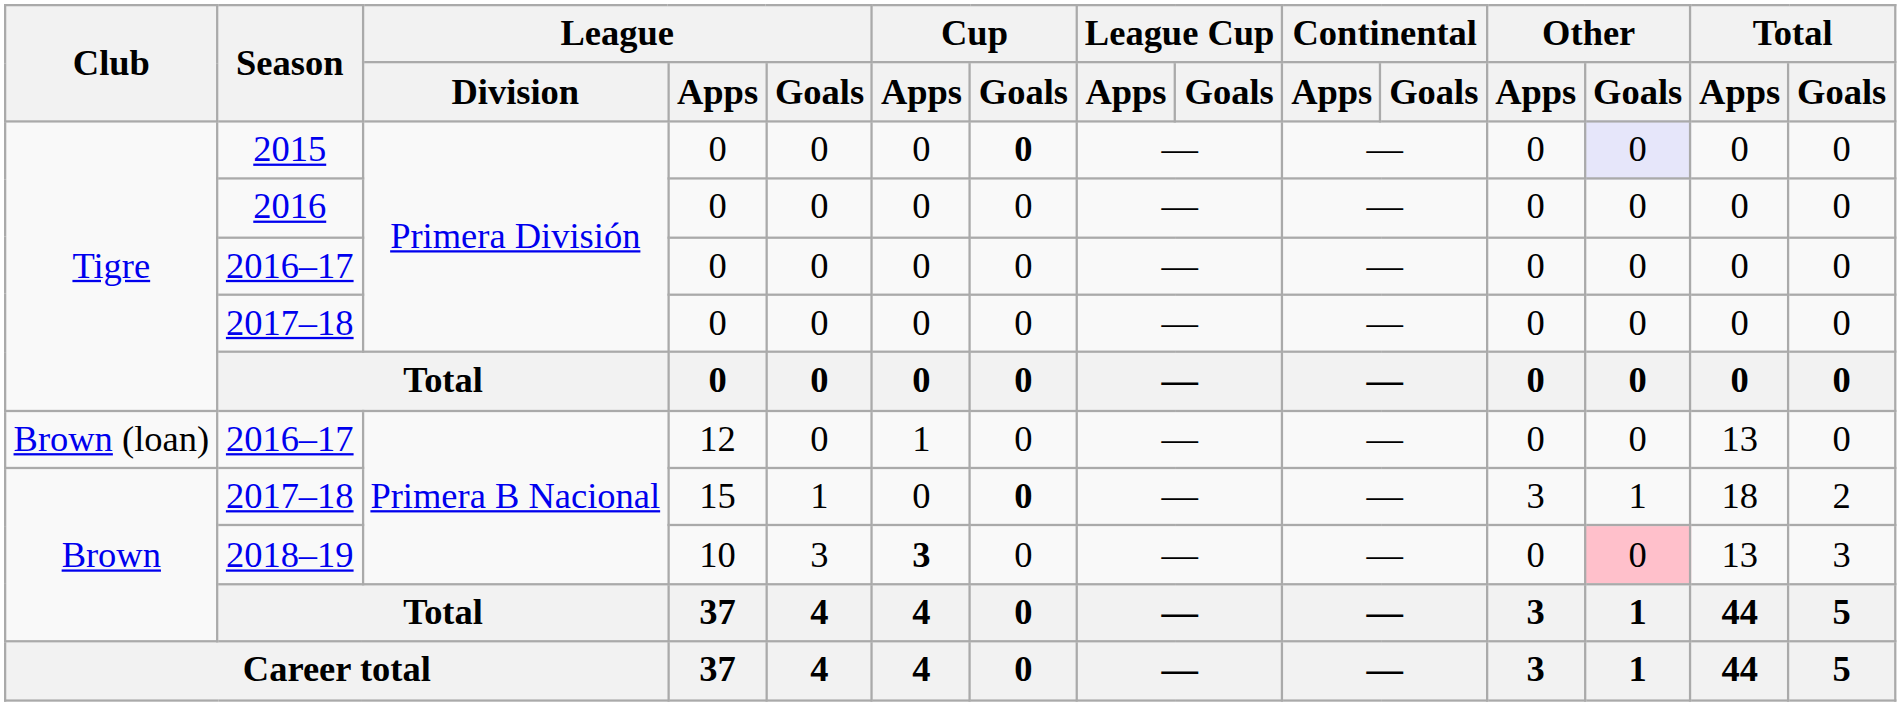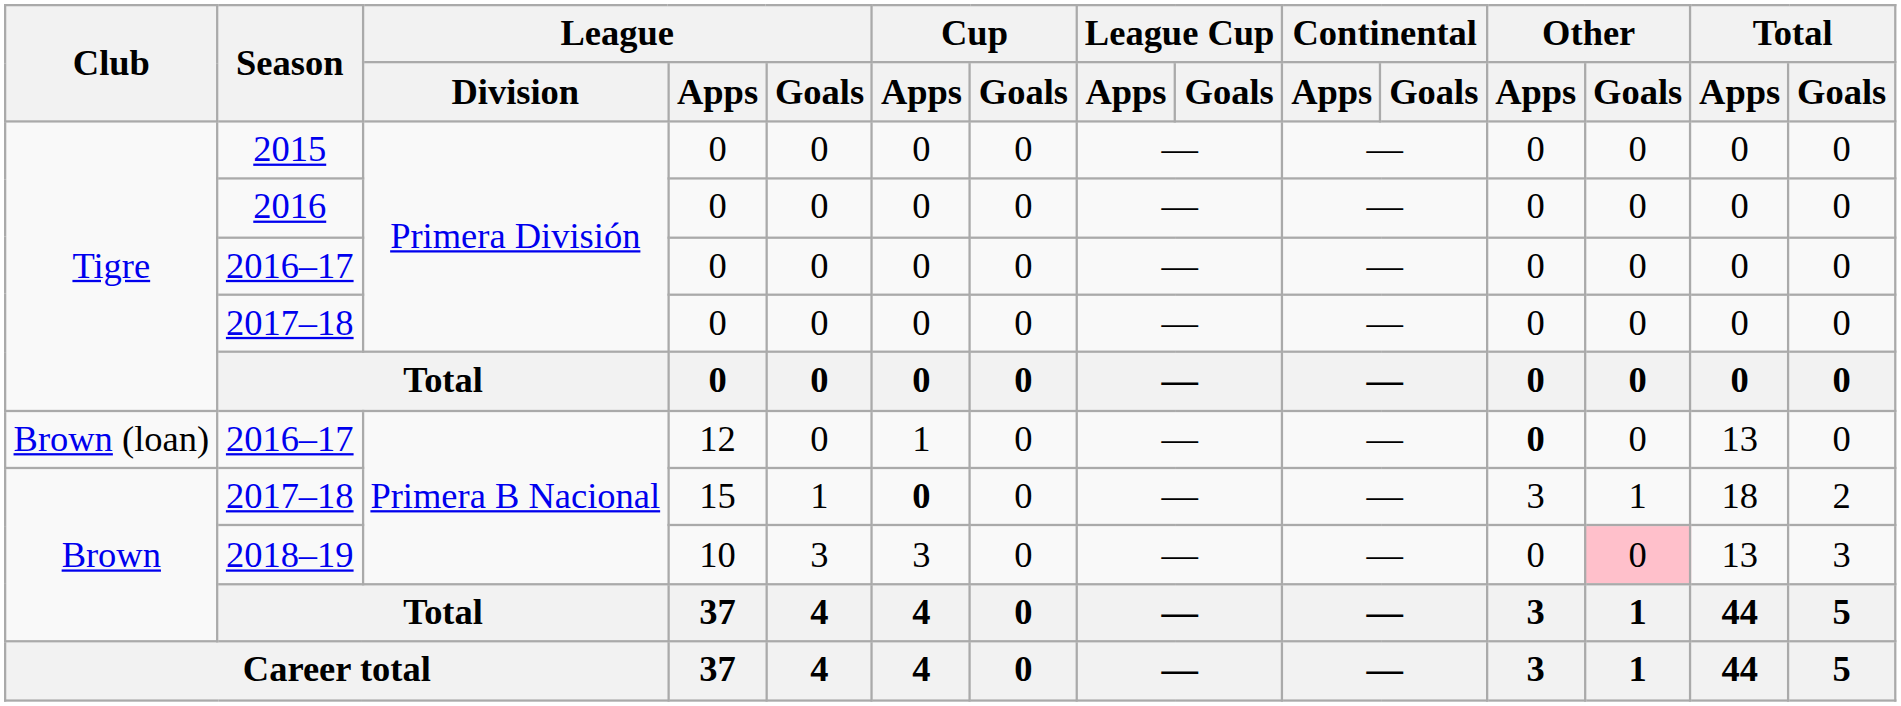 <table class="wikitable" style="text-align:center">
 <tr>
 <th rowspan="2">Club</th>
 <th rowspan="2">Season</th>
 <th colspan="3">League</th>
 <th colspan="2">Cup</th>
 <th colspan="2">League Cup</th>
 <th colspan="2">Continental</th>
 <th colspan="2">Other</th>
 <th colspan="2">Total</th>
 </tr>
 <tr>
 <th>Division</th>
 <th>Apps</th>
 <th>Goals</th>
 <th>Apps</th>
 <th>Goals</th>
 <th>Apps</th>
 <th>Goals</th>
 <th>Apps</th>
 <th>Goals</th>
 <th>Apps</th>
 <th>Goals</th>
 <th>Apps</th>
 <th>Goals</th>
 </tr>
 <tr>
 <td rowspan="5"><a href='#'>Tigre</a></td>
 <td><a href='#'>2015</a></td>
 <td rowspan="4"><a href='#'>Primera División</a></td>
 <td>0</td>
 <td>0</td>
 <td>0</td>
-<td><strong>0</strong></td>
+<td>0</td>
 <td colspan="2">—</td>
 <td colspan="2">—</td>
 <td>0</td>
-<td style="background: lavender;">0</td>
+<td>0</td>
 <td>0</td>
 <td>0</td>
 </tr>
 <tr>
 <td><a href='#'>2016</a></td>
 <td>0</td>
 <td>0</td>
 <td>0</td>
 <td>0</td>
 <td colspan="2">—</td>
 <td colspan="2">—</td>
 <td>0</td>
 <td>0</td>
 <td>0</td>
 <td>0</td>
 </tr>
 <tr>
 <td><a href='#'>2016–17</a></td>
 <td>0</td>
 <td>0</td>
 <td>0</td>
 <td>0</td>
 <td colspan="2">—</td>
 <td colspan="2">—</td>
 <td>0</td>
 <td>0</td>
 <td>0</td>
 <td>0</td>
 </tr>
 <tr>
 <td><a href='#'>2017–18</a></td>
 <td>0</td>
 <td>0</td>
 <td>0</td>
 <td>0</td>
 <td colspan="2">—</td>
 <td colspan="2">—</td>
 <td>0</td>
 <td>0</td>
 <td>0</td>
 <td>0</td>
 </tr>
 <tr>
 <th colspan="2">Total</th>
 <th>0</th>
 <th>0</th>
 <th>0</th>
 <th>0</th>
 <th colspan="2">—</th>
 <th colspan="2">—</th>
 <th>0</th>
 <th>0</th>
 <th>0</th>
 <th>0</th>
 </tr>
 <tr>
 <td rowspan="1"><a href='#'>Brown</a> (loan)</td>
 <td><a href='#'>2016–17</a></td>
 <td rowspan="3"><a href='#'>Primera B Nacional</a></td>
 <td>12</td>
 <td>0</td>
 <td>1</td>
 <td>0</td>
 <td colspan="2">—</td>
 <td colspan="2">—</td>
-<td>0</td>
+<td><strong>0</strong></td>
 <td>0</td>
 <td>13</td>
 <td>0</td>
 </tr>
 <tr>
 <td rowspan="3"><a href='#'>Brown</a></td>
 <td><a href='#'>2017–18</a></td>
 <td>15</td>
 <td>1</td>
+<td><strong>0</strong></td>
 <td>0</td>
-<td><strong>0</strong></td>
 <td colspan="2">—</td>
 <td colspan="2">—</td>
 <td>3</td>
 <td>1</td>
 <td>18</td>
 <td>2</td>
 </tr>
 <tr>
 <td><a href='#'>2018–19</a></td>
 <td>10</td>
 <td>3</td>
-<td><strong>3</strong></td>
+<td>3</td>
 <td>0</td>
 <td colspan="2">—</td>
 <td colspan="2">—</td>
 <td>0</td>
 <td style="background: pink;">0</td>
 <td>13</td>
 <td>3</td>
 </tr>
 <tr>
 <th colspan="2">Total</th>
 <th>37</th>
 <th>4</th>
 <th>4</th>
 <th>0</th>
 <th colspan="2">—</th>
 <th colspan="2">—</th>
 <th>3</th>
 <th>1</th>
 <th>44</th>
 <th>5</th>
 </tr>
 <tr>
 <th colspan="3">Career total</th>
 <th>37</th>
 <th>4</th>
 <th>4</th>
 <th>0</th>
 <th colspan="2">—</th>
 <th colspan="2">—</th>
 <th>3</th>
 <th>1</th>
 <th>44</th>
 <th>5</th>
 </tr>
 </table>
